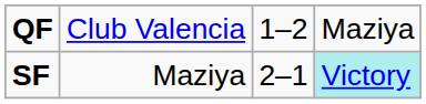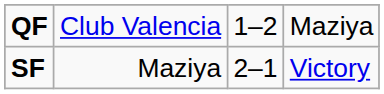 <table class="wikitable" style="font-size:95%">
 <tr>
 <td><strong>QF</strong></td>
 <td align=right><a href='#'>Club Valencia</a></td>
 <td>1–2</td>
 <td>Maziya</td>
 </tr>
 <tr>
 <td><strong>SF</strong></td>
 <td align=right>Maziya</td>
 <td>2–1</td>
-<td style="background: paleturquoise;"><a href='#'>Victory</a></td>
+<td><a href='#'>Victory</a></td>
 </tr>
 </table>
